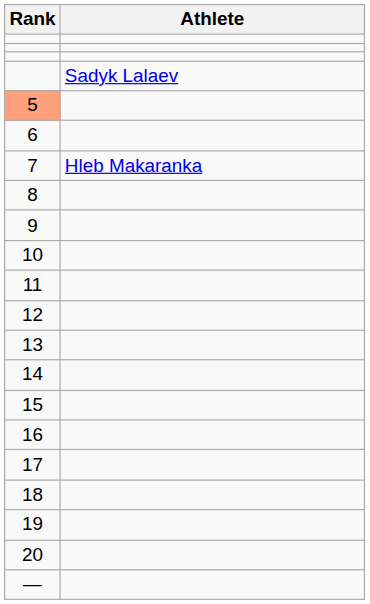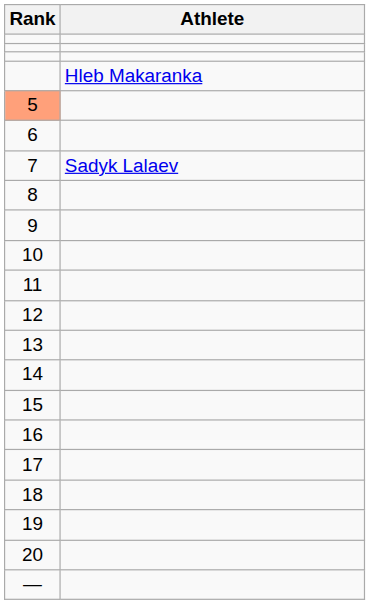 <table class="wikitable" style="text-align: center;">
 <tr>
 <th width=40>Rank</th>
 <th width=250>Athlete</th>
 </tr>
 <tr>
 <td></td>
 <td align="left"></td>
 </tr>
 <tr>
 <td></td>
 <td align="left"></td>
 </tr>
 <tr>
 <td></td>
 <td align="left"></td>
 </tr>
 <tr>
 <td></td>
-<td align="left"> <a href='#'>Sadyk Lalaev</a> </td>
+<td align="left"> <a href='#'>Hleb Makaranka</a> </td>
 </tr>
 <tr>
 <td style="background: lightsalmon;">5</td>
 <td align="left"></td>
 </tr>
 <tr>
 <td>6</td>
 <td align="left"></td>
 </tr>
 <tr>
 <td>7</td>
-<td align="left"> <a href='#'>Hleb Makaranka</a> </td>
+<td align="left"> <a href='#'>Sadyk Lalaev</a> </td>
 </tr>
 <tr>
 <td>8</td>
 <td align="left"></td>
 </tr>
 <tr>
 <td>9</td>
 <td align="left"></td>
 </tr>
 <tr>
 <td>10</td>
 <td align="left"></td>
 </tr>
 <tr>
 <td>11</td>
 <td align="left"></td>
 </tr>
 <tr>
 <td>12</td>
 <td align="left"></td>
 </tr>
 <tr>
 <td>13</td>
 <td align="left"></td>
 </tr>
 <tr>
 <td>14</td>
 <td align="left"></td>
 </tr>
 <tr>
 <td>15</td>
 <td align="left"></td>
 </tr>
 <tr>
 <td>16</td>
 <td align="left"></td>
 </tr>
 <tr>
 <td>17</td>
 <td align="left"></td>
 </tr>
 <tr>
 <td>18</td>
 <td align="left"></td>
 </tr>
 <tr>
 <td>19</td>
 <td align="left"></td>
 </tr>
 <tr>
 <td>20</td>
 <td align="left"></td>
 </tr>
 <tr>
 <td>—</td>
 <td align="left"></td>
 </tr>
 </table>
